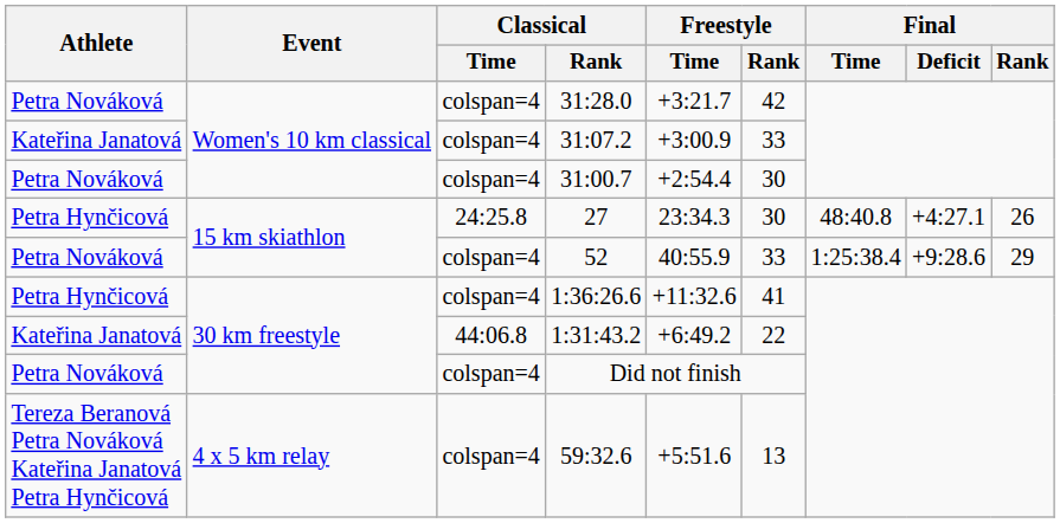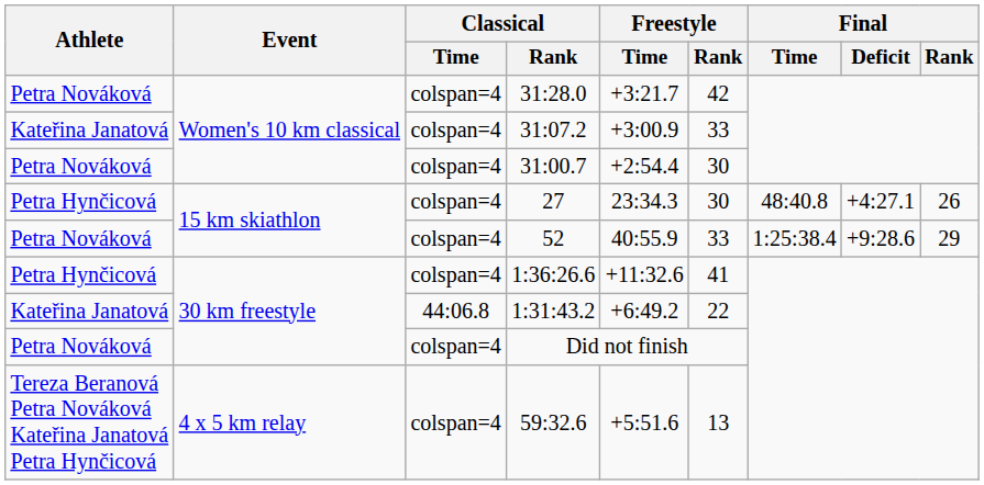 <table class="wikitable" style="font-size:90%">
 <tr>
 <th rowspan=2>Athlete</th>
 <th rowspan=2>Event</th>
 <th colspan=2>Classical</th>
 <th colspan=2>Freestyle</th>
 <th colspan=3>Final</th>
 </tr>
 <tr style="font-size: 95%">
 <th>Time</th>
 <th>Rank</th>
 <th>Time</th>
 <th>Rank</th>
 <th>Time</th>
 <th>Deficit</th>
 <th>Rank</th>
 </tr>
 <tr align=center>
 <td align=left><a href='#'>Petra Nováková</a></td>
 <td align=left rowspan=3><a href='#'>Women's 10 km classical</a></td>
 <td>colspan=4 </td>
 <td>31:28.0</td>
 <td>+3:21.7</td>
 <td>42</td>
 </tr>
 <tr align=center>
 <td align=left><a href='#'>Kateřina Janatová</a></td>
 <td>colspan=4 </td>
 <td>31:07.2</td>
 <td>+3:00.9</td>
 <td>33</td>
 </tr>
 <tr align=center>
 <td align=left><a href='#'>Petra Nováková</a></td>
 <td>colspan=4 </td>
 <td>31:00.7</td>
 <td>+2:54.4</td>
 <td>30</td>
 </tr>
 <tr align=center>
 <td align=left><a href='#'>Petra Hynčicová</a></td>
 <td align=left rowspan=2><a href='#'>15 km skiathlon</a></td>
-<td>24:25.8</td>
+<td>colspan=4 </td>
 <td>27</td>
 <td>23:34.3</td>
 <td>30</td>
 <td>48:40.8</td>
 <td>+4:27.1</td>
 <td>26</td>
 </tr>
 <tr align=center>
 <td align=left><a href='#'>Petra Nováková</a></td>
 <td>colspan=4 </td>
 <td>52</td>
 <td>40:55.9</td>
 <td>33</td>
 <td>1:25:38.4</td>
 <td>+9:28.6</td>
 <td>29</td>
 </tr>
 <tr align=center>
 <td align=left><a href='#'>Petra Hynčicová</a></td>
 <td align=left rowspan=3><a href='#'>30 km freestyle</a></td>
 <td>colspan=4 </td>
 <td>1:36:26.6</td>
 <td>+11:32.6</td>
 <td>41</td>
 </tr>
 <tr align=center>
 <td align=left><a href='#'>Kateřina Janatová</a></td>
 <td>44:06.8</td>
 <td>1:31:43.2</td>
 <td>+6:49.2</td>
 <td>22</td>
 </tr>
 <tr align=center>
 <td align=left><a href='#'>Petra Nováková</a></td>
 <td>colspan=4 </td>
 <td colspan=3>Did not finish</td>
 </tr>
 <tr align=center>
 <td align=left><a href='#'>Tereza Beranová</a><br><a href='#'>Petra Nováková</a><br><a href='#'>Kateřina Janatová</a><br><a href='#'>Petra Hynčicová</a></td>
 <td align=left><a href='#'>4 x 5 km relay</a></td>
 <td>colspan=4 </td>
 <td>59:32.6</td>
 <td>+5:51.6</td>
 <td>13</td>
 </tr>
 </table>
